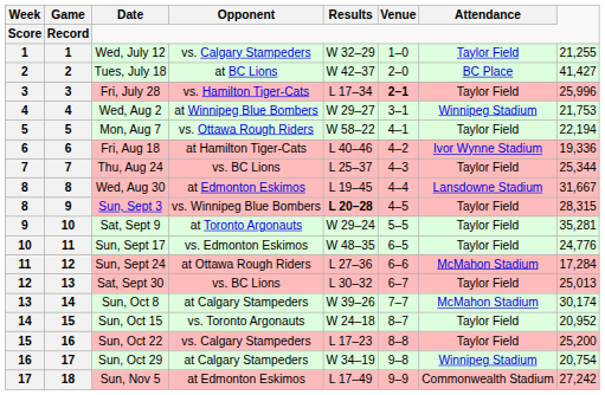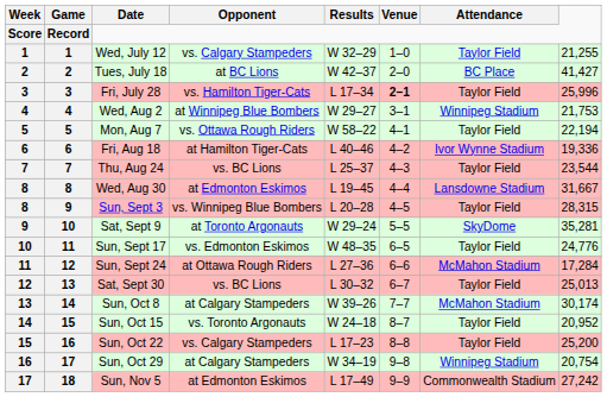 <table class="wikitable" style="text-align:center">
 <tr>
 <th>Week</th>
 <th>Game</th>
 <th>Date</th>
 <th>Opponent</th>
 <th>Results</th>
 <th>Venue</th>
 <th>Attendance</th>
 </tr>
 <tr>
 <th>Score</th>
 <th>Record</th>
 </tr>
 <tr style="background:#ddffdd">
 <th>1</th>
 <th>1</th>
 <td>Wed, July 12</td>
 <td>vs. <a href='#'>Calgary Stampeders</a></td>
 <td>W 32–29</td>
 <td>1–0</td>
 <td><a href='#'>Taylor Field</a></td>
 <td>21,255</td>
 </tr>
 <tr style="background:#ddffdd">
 <th>2</th>
 <th>2</th>
 <td>Tues, July 18</td>
 <td>at <a href='#'>BC Lions</a></td>
 <td>W 42–37</td>
 <td>2–0</td>
 <td><a href='#'>BC Place</a></td>
 <td>41,427</td>
 </tr>
 <tr style="background:#ffbbbb">
 <th>3</th>
 <th>3</th>
 <td>Fri, July 28</td>
 <td>vs. <a href='#'>Hamilton Tiger-Cats</a></td>
 <td>L 17–34</td>
 <td><strong>2–1</strong></td>
 <td>Taylor Field</td>
 <td>25,996</td>
 </tr>
 <tr style="background:#ddffdd">
 <th>4</th>
 <th>4</th>
 <td>Wed, Aug 2</td>
 <td>at <a href='#'>Winnipeg Blue Bombers</a></td>
 <td>W 29–27</td>
 <td>3–1</td>
 <td><a href='#'>Winnipeg Stadium</a></td>
 <td>21,753</td>
 </tr>
 <tr style="background:#ddffdd">
 <th>5</th>
 <th>5</th>
 <td>Mon, Aug 7</td>
 <td>vs. <a href='#'>Ottawa Rough Riders</a></td>
 <td>W 58–22</td>
 <td>4–1</td>
 <td>Taylor Field</td>
 <td>22,194</td>
 </tr>
 <tr style="background:#ffbbbb">
 <th>6</th>
 <th>6</th>
 <td>Fri, Aug 18</td>
 <td>at Hamilton Tiger-Cats</td>
 <td>L 40–46</td>
 <td>4–2</td>
 <td><a href='#'>Ivor Wynne Stadium</a></td>
 <td>19,336</td>
 </tr>
 <tr style="background:#ffbbbb">
 <th>7</th>
 <th>7</th>
 <td>Thu, Aug 24</td>
 <td>vs. BC Lions</td>
 <td>L 25–37</td>
 <td>4–3</td>
 <td>Taylor Field</td>
-<td>25,344</td>
+<td>23,544</td>
 </tr>
 <tr style="background:#ffbbbb">
 <th>8</th>
 <th>8</th>
 <td>Wed, Aug 30</td>
 <td>at <a href='#'>Edmonton Eskimos</a></td>
 <td>L 19–45</td>
 <td>4–4</td>
 <td><a href='#'>Lansdowne Stadium</a></td>
 <td>31,667</td>
 </tr>
 <tr style="background:#ffbbbb">
 <th>8</th>
 <th>9</th>
 <td><a href='#'>Sun, Sept 3</a></td>
 <td>vs. Winnipeg Blue Bombers</td>
-<td><strong>L 20–28</strong></td>
+<td>L 20–28</td>
 <td>4–5</td>
 <td>Taylor Field</td>
 <td>28,315</td>
 </tr>
 <tr style="background:#ddffdd">
 <th>9</th>
 <th>10</th>
 <td>Sat, Sept 9</td>
 <td>at <a href='#'>Toronto Argonauts</a></td>
 <td>W 29–24</td>
 <td>5–5</td>
-<td>Taylor Field</td>
+<td><a href='#'>SkyDome</a></td>
 <td>35,281</td>
 </tr>
 <tr style="background:#ddffdd">
 <th>10</th>
 <th>11</th>
 <td>Sun, Sept 17</td>
 <td>vs. Edmonton Eskimos</td>
 <td>W 48–35</td>
 <td>6–5</td>
 <td>Taylor Field</td>
 <td>24,776</td>
 </tr>
 <tr style="background:#ffbbbb">
 <th>11</th>
 <th>12</th>
 <td>Sun, Sept 24</td>
 <td>at Ottawa Rough Riders</td>
 <td>L 27–36</td>
 <td>6–6</td>
 <td><a href='#'>McMahon Stadium</a></td>
 <td>17,284</td>
 </tr>
 <tr style="background:#ffbbbb">
 <th>12</th>
 <th>13</th>
 <td>Sat, Sept 30</td>
 <td>vs. BC Lions</td>
 <td>L 30–32</td>
 <td>6–7</td>
 <td>Taylor Field</td>
 <td>25,013</td>
 </tr>
 <tr style="background:#ddffdd">
 <th>13</th>
 <th>14</th>
 <td>Sun, Oct 8</td>
 <td>at Calgary Stampeders</td>
 <td>W 39–26</td>
 <td>7–7</td>
 <td><a href='#'>McMahon Stadium</a></td>
 <td>30,174</td>
 </tr>
 <tr style="background:#ddffdd">
 <th>14</th>
 <th>15</th>
 <td>Sun, Oct 15</td>
 <td>vs. Toronto Argonauts</td>
 <td>W 24–18</td>
 <td>8–7</td>
 <td>Taylor Field</td>
 <td>20,952</td>
 </tr>
 <tr style="background:#ffbbbb">
 <th>15</th>
 <th>16</th>
 <td>Sun, Oct 22</td>
 <td>vs. Calgary Stampeders</td>
 <td>L 17–23</td>
 <td>8–8</td>
 <td>Taylor Field</td>
 <td>25,200</td>
 </tr>
 <tr style="background:#ddffdd">
 <th>16</th>
 <th>17</th>
 <td>Sun, Oct 29</td>
 <td>at Calgary Stampeders</td>
 <td>W 34–19</td>
 <td>9–8</td>
 <td><a href='#'>Winnipeg Stadium</a></td>
 <td>20,754</td>
 </tr>
 <tr style="background:#ffbbbb">
 <th>17</th>
 <th>18</th>
 <td>Sun, Nov 5</td>
 <td>at Edmonton Eskimos</td>
 <td>L 17–49</td>
 <td>9–9</td>
 <td>Commonwealth Stadium</td>
 <td>27,242</td>
 </tr>
 </table>
